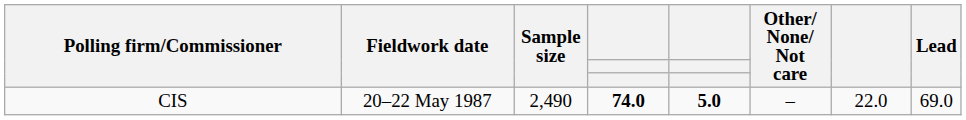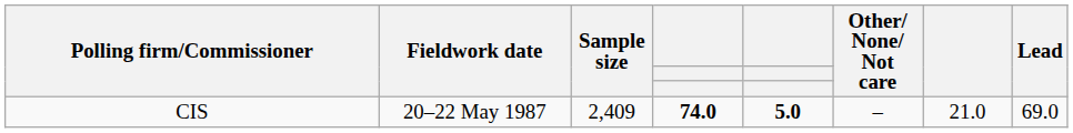 <table class="wikitable collapsible collapsed" style="text-align:center; font-size:90%; line-height:14px;">
 <tr style="height:42px;">
 <th style="width:250px;" rowspan="3">Polling firm/Commissioner</th>
 <th style="width:125px;" rowspan="3">Fieldwork date</th>
 <th style="width:50px;" rowspan="3">Sample size</th>
 <th style="width:55px;"></th>
 <th style="width:55px;"></th>
 <th style="width:55px;" rowspan="3">Other/<br>None/<br>Not<br>care</th>
 <th style="width:55px;" rowspan="3"></th>
 <th style="width:30px;" rowspan="3">Lead</th>
 </tr>
 <tr>
 <th style="color:inherit;background:"></th>
 <th style="color:inherit;background:"></th>
 </tr>
 <tr>
 <th></th>
 <th></th>
 </tr>
 <tr>
 <td>CIS</td>
 <td>20–22 May 1987</td>
-<td>2,490</td>
+<td>2,409</td>
 <td><strong>74.0</strong></td>
 <td><strong>5.0</strong></td>
 <td>–</td>
-<td>22.0</td>
+<td>21.0</td>
 <td style="background:">69.0</td>
 </tr>
 </table>
